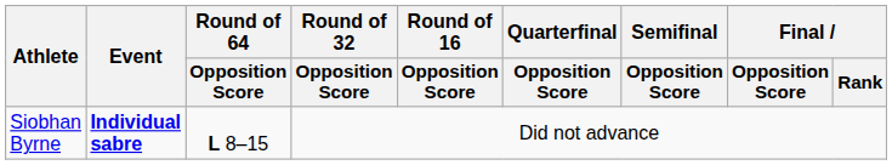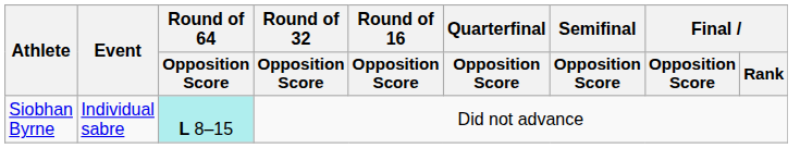 <table class="wikitable" style="font-size:90%">
 <tr>
 <th rowspan="2">Athlete</th>
 <th rowspan="2">Event</th>
 <th>Round of 64</th>
 <th>Round of 32</th>
 <th>Round of 16</th>
 <th>Quarterfinal</th>
 <th>Semifinal</th>
 <th colspan=2>Final / </th>
 </tr>
 <tr style="font-size:95%">
 <th>Opposition <br> Score</th>
 <th>Opposition <br> Score</th>
 <th>Opposition <br> Score</th>
 <th>Opposition <br> Score</th>
 <th>Opposition <br> Score</th>
 <th>Opposition <br> Score</th>
 <th>Rank</th>
 </tr>
 <tr align=center>
 <td align=left><a href='#'>Siobhan Byrne</a></td>
-<td align=left><strong><a href='#'>Individual sabre</a></strong></td>
-<td><br><strong>L</strong> 8–15</td>
+<td align=left><a href='#'>Individual sabre</a></td>
+<td style="background: paleturquoise;"><br><strong>L</strong> 8–15</td>
 <td colspan=6>Did not advance</td>
 </tr>
 </table>
